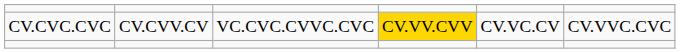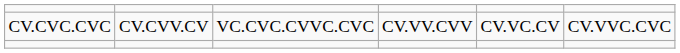 <table class="wikitable">
 <tr>
 <td></td>
 <td></td>
 <td></td>
 <td></td>
 <td></td>
 <td></td>
 </tr>
 <tr>
 <td>CV.CVC.CVC</td>
 <td>CV.CVV.CV</td>
 <td>VC.CVC.CVVC.CVC</td>
-<td style="background: gold;">CV.VV.CVV</td>
+<td>CV.VV.CVV</td>
 <td>CV.VC.CV</td>
 <td>CV.VVC.CVC</td>
 </tr>
 <tr>
 <td></td>
 <td></td>
 <td></td>
 <td></td>
 <td></td>
 <td></td>
 </tr>
 </table>
